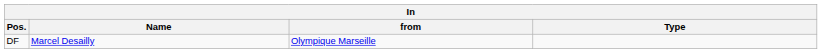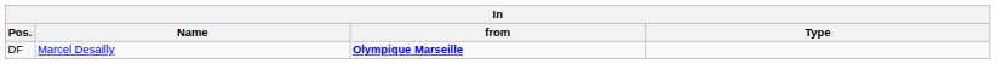 <table class="wikitable" style="font-size:90%;width:99%;">
 <tr>
 <th colspan="4">In</th>
 </tr>
 <tr>
 <th width=3%>Pos.</th>
 <th width=32%>Name</th>
 <th width=30%>from</th>
 <th width=35%>Type</th>
 </tr>
 <tr>
 <td>DF</td>
 <td><a href='#'>Marcel Desailly</a></td>
-<td><a href='#'>Olympique Marseille</a></td>
+<td><strong><a href='#'>Olympique Marseille</a></strong></td>
 <td></td>
 </tr>
 </table>
